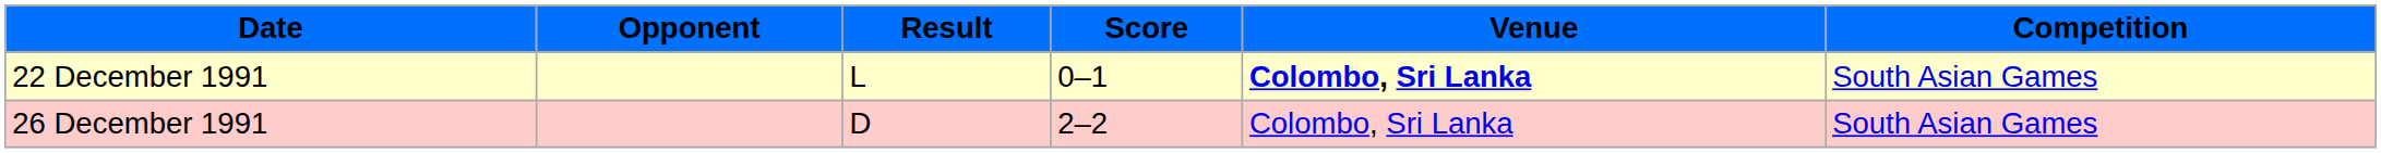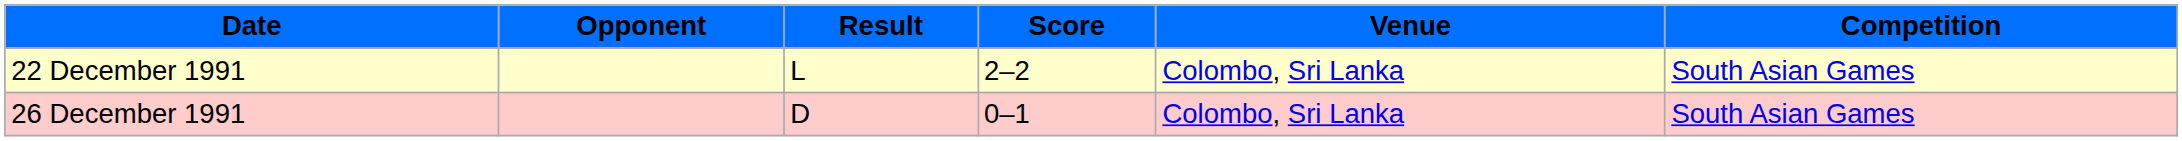 <table width=100% class="wikitable">
 <tr>
 <th style="background:#0070FF;"><span>Date</span></th>
 <th style="background:#0070FF;"><span>Opponent</span></th>
 <th style="background:#0070FF;"><span>Result</span></th>
 <th style="background:#0070FF;"><span>Score</span></th>
 <th style="background:#0070FF;"><span>Venue</span></th>
 <th style="background:#0070FF;"><span>Competition</span></th>
 </tr>
 <tr>
 </tr>
 <tr style="background:#FFFFCC;">
 <td>22 December 1991</td>
 <td></td>
 <td>L</td>
-<td>0–1</td>
-<td><strong> <a href='#'>Colombo</a>, <a href='#'>Sri Lanka</a></strong></td>
+<td>2–2</td>
+<td> <a href='#'>Colombo</a>, <a href='#'>Sri Lanka</a></td>
 <td><a href='#'>South Asian Games</a></td>
 </tr>
 <tr style="background:#FCC;">
 <td>26 December 1991</td>
 <td></td>
 <td>D</td>
-<td>2–2</td>
+<td>0–1</td>
 <td> <a href='#'>Colombo</a>, <a href='#'>Sri Lanka</a></td>
 <td><a href='#'>South Asian Games</a></td>
 </tr>
 </table>
